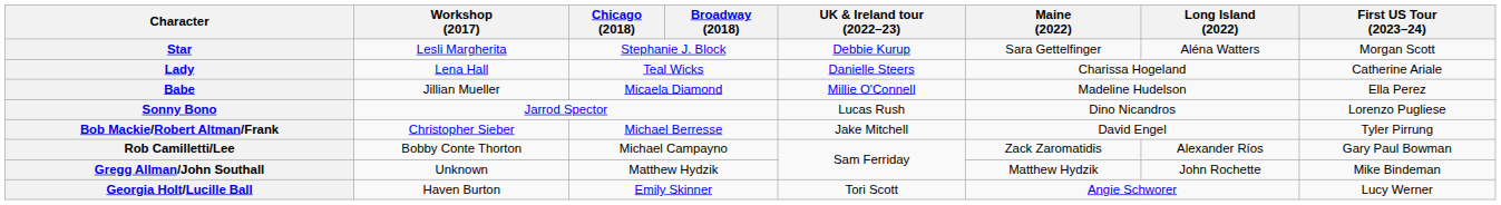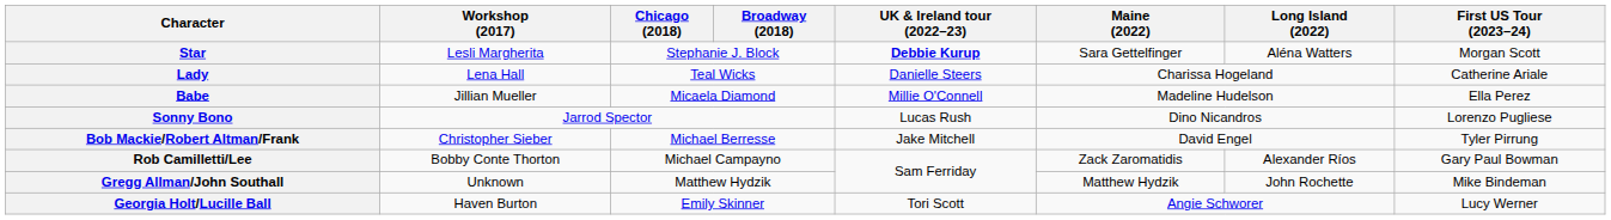 <table class="wikitable" width="95%" style="text-align: center">
 <tr>
 <th>Character</th>
 <th>Workshop<br>(2017)</th>
 <th><a href='#'>Chicago</a><br>(2018)</th>
 <th><a href='#'>Broadway</a><br>(2018)</th>
 <th>UK & Ireland tour<br>(2022–23) </th>
 <th>Maine<br>(2022)</th>
 <th>Long Island<br>(2022)</th>
 <th>First US Tour<br>(2023–24)</th>
 </tr>
 <tr>
 <th><a href='#'>Star</a></th>
 <td><a href='#'>Lesli Margherita</a></td>
 <td colspan=2><a href='#'>Stephanie J. Block</a></td>
-<td><a href='#'>Debbie Kurup</a></td>
+<td><strong><a href='#'>Debbie Kurup</a></strong></td>
 <td>Sara Gettelfinger</td>
 <td>Aléna Watters</td>
 <td>Morgan Scott</td>
 </tr>
 <tr>
 <th><a href='#'>Lady</a></th>
 <td><a href='#'>Lena Hall</a></td>
 <td colspan=2><a href='#'>Teal Wicks</a></td>
 <td><a href='#'>Danielle Steers</a></td>
 <td colspan="2">Charissa Hogeland</td>
 <td>Catherine Ariale</td>
 </tr>
 <tr>
 <th><a href='#'>Babe</a></th>
 <td>Jillian Mueller</td>
 <td colspan=2><a href='#'>Micaela Diamond</a></td>
 <td><a href='#'>Millie O'Connell</a></td>
 <td colspan="2">Madeline Hudelson</td>
 <td>Ella Perez</td>
 </tr>
 <tr>
 <th><a href='#'>Sonny Bono</a></th>
 <td colspan=3><a href='#'>Jarrod Spector</a></td>
 <td>Lucas Rush</td>
 <td colspan="2">Dino Nicandros</td>
 <td>Lorenzo Pugliese</td>
 </tr>
 <tr>
 <th><a href='#'>Bob Mackie</a>/<a href='#'>Robert Altman</a>/Frank</th>
 <td><a href='#'>Christopher Sieber</a></td>
 <td colspan=2><a href='#'>Michael Berresse</a></td>
 <td>Jake Mitchell</td>
 <td colspan="2">David Engel</td>
 <td>Tyler Pirrung</td>
 </tr>
 <tr>
 <th>Rob Camilletti/Lee</th>
 <td>Bobby Conte Thorton</td>
 <td colspan=2>Michael Campayno</td>
 <td rowspan=2>Sam Ferriday</td>
 <td>Zack Zaromatidis</td>
 <td>Alexander Ríos</td>
 <td>Gary Paul Bowman</td>
 </tr>
 <tr>
 <th><a href='#'>Gregg Allman</a>/John Southall</th>
 <td>Unknown</td>
 <td colspan=2>Matthew Hydzik</td>
 <td>Matthew Hydzik</td>
 <td>John Rochette</td>
 <td>Mike Bindeman</td>
 </tr>
 <tr>
 <th><a href='#'>Georgia Holt</a>/<a href='#'>Lucille Ball</a></th>
 <td>Haven Burton</td>
 <td colspan=2><a href='#'>Emily Skinner</a></td>
 <td>Tori Scott</td>
 <td colspan="2"><a href='#'>Angie Schworer</a></td>
 <td>Lucy Werner</td>
 </tr>
 </table>
